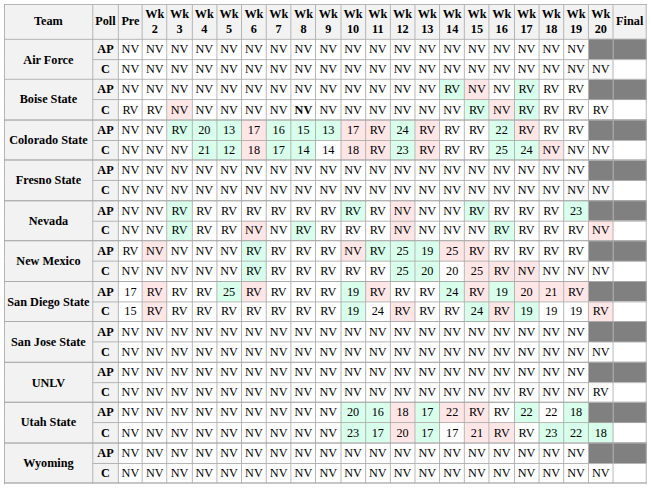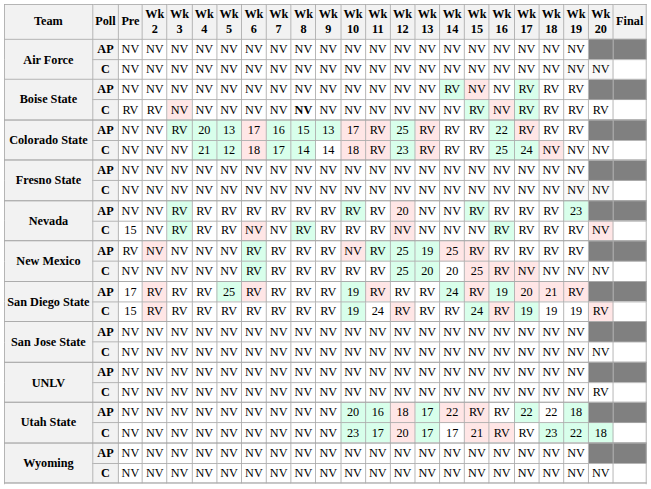 <table class="wikitable" style="white-space:nowrap;font-size:90%;text-align:center;">
 <tr>
 <th>Team</th>
 <th>Poll</th>
 <th>Pre</th>
 <th>Wk<br>2</th>
 <th>Wk<br>3</th>
 <th>Wk<br>4</th>
 <th>Wk<br>5</th>
 <th>Wk<br>6</th>
 <th>Wk<br>7</th>
 <th>Wk<br>8</th>
 <th>Wk<br>9</th>
 <th>Wk<br>10</th>
 <th>Wk<br>11</th>
 <th>Wk<br>12</th>
 <th>Wk<br>13</th>
 <th>Wk<br>14</th>
 <th>Wk<br>15</th>
 <th>Wk<br>16</th>
 <th>Wk<br>17</th>
 <th>Wk<br>18</th>
 <th>Wk<br>19</th>
 <th>Wk<br>20</th>
 <th>Final</th>
 </tr>
 <tr>
 <th rowspan=2 style=>Air Force</th>
 <th>AP</th>
 <td style="background:#FFF;">NV</td>
 <td style="background:#FFF;">NV</td>
 <td style="background:#FFF;">NV</td>
 <td style="background:#FFF;">NV</td>
 <td style="background:#FFF;">NV</td>
 <td style="background:#FFF;">NV</td>
 <td style="background:#FFF;">NV</td>
 <td style="background:#FFF;">NV</td>
 <td style="background:#FFF;">NV</td>
 <td style="background:#FFF;">NV</td>
 <td style="background:#FFF;">NV</td>
 <td style="background:#FFF;">NV</td>
 <td style="background:#FFF;">NV</td>
 <td style="background:#FFF;">NV</td>
 <td style="background:#FFF;">NV</td>
 <td style="background:#FFF;">NV</td>
 <td style="background:#FFF;">NV</td>
 <td style="background:#FFF;">NV</td>
 <td style="background:#FFF;">NV</td>
 <td style="background: gray;"></td>
 <td style="background: gray;"></td>
 </tr>
 <tr>
 <th>C</th>
 <td style="background:#FFF;">NV</td>
 <td style="background:#FFF;">NV</td>
 <td style="background:#FFF;">NV</td>
 <td style="background:#FFF;">NV</td>
 <td style="background:#FFF;">NV</td>
 <td style="background:#FFF;">NV</td>
 <td style="background:#FFF;">NV</td>
 <td style="background:#FFF;">NV</td>
 <td style="background:#FFF;">NV</td>
 <td style="background:#FFF;">NV</td>
 <td style="background:#FFF;">NV</td>
 <td style="background:#FFF;">NV</td>
 <td style="background:#FFF;">NV</td>
 <td style="background:#FFF;">NV</td>
 <td style="background:#FFF;">NV</td>
 <td style="background:#FFF;">NV</td>
 <td style="background:#FFF;">NV</td>
 <td style="background:#FFF;">NV</td>
 <td>NV</td>
 <td>NV</td>
 <td style="background:#FFF;"></td>
 </tr>
 <tr>
 <th rowspan=2 style=>Boise State</th>
 <th>AP</th>
 <td style="background:#FFF;">NV</td>
 <td style="background:#FFF;">NV</td>
 <td style="background:#FFF;">NV</td>
 <td style="background:#FFF;">NV</td>
 <td style="background:#FFF;">NV</td>
 <td style="background:#FFF;">NV</td>
 <td style="background:#FFF;">NV</td>
 <td style="background:#FFF;">NV</td>
 <td style="background:#FFF;">NV</td>
 <td style="background:#FFF;">NV</td>
 <td style="background:#FFF;">NV</td>
 <td style="background:#FFF;">NV</td>
 <td style="background:#FFF;">NV</td>
 <td style="background:#d8ffeb;">RV</td>
 <td style="background:#ffe6e6;">NV</td>
 <td style="background:#FFF;">NV</td>
 <td style="background:#d8ffeb;">RV</td>
 <td style="background:#FFF;">RV</td>
 <td style="background:#FFF;">RV</td>
 <td style="background: gray;"></td>
 <td style="background: gray;"></td>
 </tr>
 <tr>
 <th>C</th>
 <td style="background:#FFF;">RV</td>
 <td style="background:#FFF;">RV</td>
 <td style="background:#ffe6e6;">NV</td>
 <td style="background:#FFF;">NV</td>
 <td style="background:#FFF;">NV</td>
 <td style="background:#FFF;">NV</td>
 <td style="background:#FFF;">NV</td>
 <td style="background:#FFF;"><strong>NV</strong></td>
 <td style="background:#FFF;">NV</td>
 <td style="background:#FFF;">NV</td>
 <td style="background:#FFF;">NV</td>
 <td style="background:#FFF;">NV</td>
 <td style="background:#FFF;">NV</td>
 <td style="background:#FFF;">NV</td>
 <td style="background:#d8ffeb;">RV</td>
 <td style="background:#ffe6e6;">NV</td>
 <td style="background:#d8ffeb;">RV</td>
 <td style="background:#FFF;">RV</td>
 <td style="background:#FFF;">RV</td>
 <td style="background:#FFF;">RV</td>
 <td style="background:#FFF;"></td>
 </tr>
 <tr>
 </tr>
 <tr>
 <th rowspan=2 style=>Colorado State</th>
 <th>AP</th>
 <td style="background:#FFF;">NV</td>
 <td style="background:#FFF;">NV</td>
 <td style="background:#d8ffeb;">RV</td>
 <td style="background:#d8ffeb;">20</td>
 <td style="background:#d8ffeb;">13</td>
 <td style="background:#ffe6e6;">17</td>
 <td style="background:#d8ffeb;">16</td>
 <td style="background:#d8ffeb;">15</td>
 <td style="background:#d8ffeb;">13</td>
 <td style="background:#FFE6E6;">17</td>
 <td style="background:#ffe6e6;">RV</td>
-<td style="background:#d8ffeb;">24</td>
+<td style="background:#d8ffeb;">25</td>
 <td style="background:#ffe6e6;">RV</td>
 <td style="background:#FFF;">RV</td>
 <td style="background:#FFF;">RV</td>
 <td style="background:#d8ffeb;">22</td>
 <td style="background:#ffe6e6;">RV</td>
 <td style="background:#FFF;">RV</td>
 <td style="background:#FFF;">RV</td>
 <td style="background: gray;"></td>
 <td style="background: gray;"></td>
 </tr>
 <tr>
 <th>C</th>
 <td style="background:#FFF;">NV</td>
 <td style="background:#FFF;">NV</td>
 <td style="background:#FFF;">NV</td>
 <td style="background:#d8ffeb;">21</td>
 <td style="background:#d8ffeb;">12</td>
 <td style="background:#ffe6e6;">18</td>
 <td style="background:#d8ffeb;">17</td>
 <td style="background:#d8ffeb;">14</td>
 <td style="background:#FFF;">14</td>
 <td style="background:#FFE6E6;">18</td>
 <td style="background:#ffe6e6;">RV</td>
 <td style="background:#d8ffeb;">23</td>
 <td style="background:#ffe6e6;">RV</td>
 <td style="background:#FFF;">RV</td>
 <td style="background:#FFF;">RV</td>
 <td style="background:#d8ffeb;">25</td>
 <td style="background:#d8ffeb;">24</td>
 <td style="background:#ffe6e6;">NV</td>
 <td style="background:#FFF;">NV</td>
 <td style="background:#FFF;">NV</td>
 <td style="background:#FFF;"></td>
 </tr>
 <tr>
 </tr>
 <tr>
 <th rowspan=2 style=>Fresno State</th>
 <th>AP</th>
 <td style="background:#FFF;">NV</td>
 <td style="background:#FFF;">NV</td>
 <td style="background:#FFF;">NV</td>
 <td style="background:#FFF;">NV</td>
 <td style="background:#FFF;">NV</td>
 <td style="background:#FFF;">NV</td>
 <td style="background:#FFF;">NV</td>
 <td style="background:#FFF;">NV</td>
 <td style="background:#FFF;">NV</td>
 <td style="background:#FFF;">NV</td>
 <td style="background:#FFF;">NV</td>
 <td style="background:#FFF;">NV</td>
 <td style="background:#FFF;">NV</td>
 <td style="background:#FFF;">NV</td>
 <td style="background:#FFF;">NV</td>
 <td style="background:#FFF;">NV</td>
 <td style="background:#FFF;">NV</td>
 <td style="background:#FFF;">NV</td>
 <td style="background:#FFF;">NV</td>
 <td style="background: gray;"></td>
 <td style="background: gray;"></td>
 </tr>
 <tr>
 <th>C</th>
 <td style="background:#FFF;">NV</td>
 <td style="background:#FFF;">NV</td>
 <td style="background:#FFF;">NV</td>
 <td style="background:#FFF;">NV</td>
 <td style="background:#FFF;">NV</td>
 <td style="background:#FFF;">NV</td>
 <td style="background:#FFF;">NV</td>
 <td style="background:#FFF;">NV</td>
 <td style="background:#FFF;">NV</td>
 <td style="background:#FFF;">NV</td>
 <td style="background:#FFF;">NV</td>
 <td style="background:#FFF;">NV</td>
 <td style="background:#FFF;">NV</td>
 <td style="background:#FFF;">NV</td>
 <td style="background:#FFF;">NV</td>
 <td style="background:#FFF;">NV</td>
 <td style="background:#FFF;">NV</td>
 <td style="background:#FFF;">NV</td>
 <td>NV</td>
 <td>NV</td>
 <td style="background:#FFF;"></td>
 </tr>
 <tr>
 </tr>
 <tr>
 <th rowspan=2 style=>Nevada</th>
 <th>AP</th>
 <td style="background:#FFF;">NV</td>
 <td style="background:#FFF;">NV</td>
 <td style="background:#d8ffeb;">RV</td>
 <td style="background:#FFF;">RV</td>
 <td style="background:#FFF;">RV</td>
 <td style="background:#FFF;">RV</td>
 <td style="background:#FFF;">RV</td>
 <td style="background:#FFF;">RV</td>
 <td style="background:#FFF;">RV</td>
 <td style="background:#D8FFEB;">RV</td>
 <td style="background:#FFF;">RV</td>
-<td style="background:#ffe6e6;">NV</td>
+<td style="background:#ffe6e6;">20</td>
 <td style="background:#FFF;">NV</td>
 <td style="background:#FFF;">NV</td>
 <td style="background:#D8FFEB;">RV</td>
 <td style="background:#FFF;">RV</td>
 <td style="background:#FFF;">RV</td>
 <td style="background:#FFF;">RV</td>
 <td style="background:#D8FFEB;">23</td>
 <td style="background: gray;"></td>
 <td style="background: gray;"></td>
 </tr>
 <tr>
 <th>C</th>
-<td style="background:#FFF;">NV</td>
+<td style="background:#FFF;">15</td>
 <td style="background:#FFF;">NV</td>
 <td style="background:#d8ffeb;">RV</td>
 <td style="background:#FFF;">RV</td>
 <td style="background:#FFF;">RV</td>
 <td style="background:#ffe6e6;">NV</td>
 <td style="background:#FFF;">NV</td>
 <td style="background:#d8ffeb;">RV</td>
 <td style="background:#FFF;">RV</td>
 <td style="background:#FFF;">RV</td>
 <td style="background:#FFF;">RV</td>
 <td style="background:#ffe6e6;">NV</td>
 <td style="background:#FFF;">NV</td>
 <td style="background:#FFF;">NV</td>
 <td style="background:#FFF;">NV</td>
 <td style="background:#D8FFEB;">RV</td>
 <td style="background:#FFF;">RV</td>
 <td style="background:#FFF;">RV</td>
 <td style="background:#FFF;">RV</td>
 <td style="background:#ffe6e6;">NV</td>
 <td style="background:#FFF;"></td>
 </tr>
 <tr>
 </tr>
 <tr>
 <th rowspan=2 style=>New Mexico</th>
 <th>AP</th>
 <td style="background:#FFF;">RV</td>
 <td style="background:#ffe6e6;">NV</td>
 <td style="background:#FFF;">NV</td>
 <td style="background:#FFF;">NV</td>
 <td style="background:#FFF;">NV</td>
 <td style="background:#d8ffeb;">RV</td>
 <td style="background:#FFF;">RV</td>
 <td style="background:#FFF;">RV</td>
 <td style="background:#FFF;">RV</td>
 <td style="background:#FFE6E6;">NV</td>
 <td style="background:#d8ffeb;">RV</td>
 <td style="background:#d8ffeb;">25</td>
 <td style="background:#d8ffeb;">19</td>
 <td style="background:#FFE6E6;">25</td>
 <td style="background:#FFE6E6;">RV</td>
 <td style="background:#FFF;">RV</td>
 <td style="background:#FFF;">RV</td>
 <td style="background:#FFF;">RV</td>
 <td style="background:#FFF;">RV</td>
 <td style="background: gray;"></td>
 <td style="background: gray;"></td>
 </tr>
 <tr>
 <th>C</th>
 <td style="background:#FFF;">NV</td>
 <td style="background:#FFF;">NV</td>
 <td style="background:#FFF;">NV</td>
 <td style="background:#FFF;">NV</td>
 <td style="background:#FFF;">NV</td>
 <td style="background:#d8ffeb;">RV</td>
 <td style="background:#FFF;">RV</td>
 <td style="background:#FFF;">RV</td>
 <td style="background:#FFF;">RV</td>
 <td style="background:#FFF;">RV</td>
 <td style="background:#FFF;">RV</td>
 <td style="background:#d8ffeb;">25</td>
 <td style="background:#d8ffeb;">20</td>
 <td style="background:#FFF;">20</td>
 <td style="background:#FFE6E6;">25</td>
 <td style="background:#FFE6E6;">RV</td>
 <td style="background:#FFE6E6;">NV</td>
 <td style="background:#FFF;">NV</td>
 <td style="background:#FFF;">NV</td>
 <td style="background:#FFF;">NV</td>
 <td style="background:#FFF;"></td>
 </tr>
 <tr>
 </tr>
 <tr>
 <th rowspan=2 style=>San Diego State</th>
 <th>AP</th>
 <td style="background:#FFF;">17</td>
 <td style="background:#ffe6e6;">RV</td>
 <td style="background:#FFF;">RV</td>
 <td style="background:#FFF;">RV</td>
 <td style="background:#d8ffeb">25</td>
 <td style="background:#ffe6e6;">RV</td>
 <td style="background:#FFF;">RV</td>
 <td style="background:#FFF;">RV</td>
 <td style="background:#FFF;">RV</td>
 <td style="background:#D8FFEB;">19</td>
 <td style="background:#ffe6e6;">RV</td>
 <td style="background:#FFF;">RV</td>
 <td style="background:#FFF;">RV</td>
 <td style="background:#D8FFEB;">24</td>
 <td style="background:#ffe6e6;">RV</td>
 <td style="background:#D8FFEB;">19</td>
 <td style="background:#ffe6e6;">20</td>
 <td style="background:#ffe6e6;">21</td>
 <td style="background:#ffe6e6;">RV</td>
 <td style="background: gray;"></td>
 <td style="background: gray;"></td>
 </tr>
 <tr>
 <th>C</th>
 <td style="background:#FFF;">15</td>
 <td style="background:#ffe6e6;">RV</td>
 <td style="background:#FFF;">RV</td>
 <td style="background:#FFF;">RV</td>
 <td style="background:#FFF;">RV</td>
 <td style="background:#FFF;">RV</td>
 <td style="background:#FFF;">RV</td>
 <td style="background:#FFF;">RV</td>
 <td style="background:#FFF;">RV</td>
 <td style="background:#D8FFEB;">19</td>
 <td style="background:#FFF;">24</td>
 <td style="background:#ffe6e6;">RV</td>
 <td style="background:#FFF;">RV</td>
 <td style="background:#FFF;">RV</td>
 <td style="background:#D8FFEB;">24</td>
 <td style="background:#ffe6e6;">RV</td>
 <td style="background:#D8FFEB;">19</td>
 <td style="background:#FFF;">19</td>
 <td style="background:#FFF;">19</td>
 <td style="background:#ffe6e6;">RV</td>
 <td style="background:#FFF;"></td>
 </tr>
 <tr>
 </tr>
 <tr>
 <th rowspan=2 style=>San Jose State</th>
 <th>AP</th>
 <td style="background:#FFF;">NV</td>
 <td style="background:#FFF;">NV</td>
 <td style="background:#FFF;">NV</td>
 <td style="background:#FFF;">NV</td>
 <td style="background:#FFF;">NV</td>
 <td style="background:#FFF;">NV</td>
 <td style="background:#FFF;">NV</td>
 <td style="background:#FFF;">NV</td>
 <td style="background:#FFF;">NV</td>
 <td style="background:#FFF;">NV</td>
 <td style="background:#FFF;">NV</td>
 <td style="background:#FFF;">NV</td>
 <td style="background:#FFF;">NV</td>
 <td style="background:#FFF;">NV</td>
 <td style="background:#FFF;">NV</td>
 <td style="background:#FFF;">NV</td>
 <td style="background:#FFF;">NV</td>
 <td style="background:#FFF;">NV</td>
 <td style="background:#FFF;">NV</td>
 <td style="background: gray;"></td>
 <td style="background: gray;"></td>
 </tr>
 <tr>
 <th>C</th>
 <td style="background:#FFF;">NV</td>
 <td style="background:#FFF;">NV</td>
 <td style="background:#FFF;">NV</td>
 <td style="background:#FFF;">NV</td>
 <td style="background:#FFF;">NV</td>
 <td style="background:#FFF;">NV</td>
 <td style="background:#FFF;">NV</td>
 <td style="background:#FFF;">NV</td>
 <td style="background:#FFF;">NV</td>
 <td style="background:#FFF;">NV</td>
 <td style="background:#FFF;">NV</td>
 <td style="background:#FFF;">NV</td>
 <td style="background:#FFF;">NV</td>
 <td style="background:#FFF;">NV</td>
 <td style="background:#FFF;">NV</td>
 <td style="background:#FFF;">NV</td>
 <td style="background:#FFF;">NV</td>
 <td style="background:#FFF;">NV</td>
 <td style="background:#FFF;">NV</td>
 <td style="background:#FFF;">NV</td>
 <td style="background:#FFF;"></td>
 </tr>
 <tr>
 </tr>
 <tr>
 <th rowspan=2 style=>UNLV</th>
 <th>AP</th>
 <td style="background:#FFF;">NV</td>
 <td style="background:#FFF;">NV</td>
 <td style="background:#FFF;">NV</td>
 <td style="background:#FFF;">NV</td>
 <td style="background:#FFF;">NV</td>
 <td style="background:#FFF;">NV</td>
 <td style="background:#FFF;">NV</td>
 <td style="background:#FFF;">NV</td>
 <td style="background:#FFF;">NV</td>
 <td style="background:#FFF;">NV</td>
 <td style="background:#FFF;">NV</td>
 <td style="background:#FFF;">NV</td>
 <td style="background:#FFF;">NV</td>
 <td style="background:#FFF;">NV</td>
 <td style="background:#FFF;">NV</td>
 <td style="background:#FFF;">NV</td>
 <td style="background:#FFF;">NV</td>
 <td style="background:#FFF;">NV</td>
 <td style="background:#FFF;">NV</td>
 <td style="background: gray;"></td>
 <td style="background: gray;"></td>
 </tr>
 <tr>
 <th>C</th>
 <td style="background:#FFF;">NV</td>
 <td style="background:#FFF;">NV</td>
 <td style="background:#FFF;">NV</td>
 <td style="background:#FFF;">NV</td>
 <td style="background:#FFF;">NV</td>
 <td style="background:#FFF;">NV</td>
 <td style="background:#FFF;">NV</td>
 <td style="background:#FFF;">NV</td>
 <td style="background:#FFF;">NV</td>
 <td style="background:#FFF;">NV</td>
 <td style="background:#FFF;">NV</td>
 <td style="background:#FFF;">NV</td>
 <td style="background:#FFF;">NV</td>
 <td style="background:#FFF;">NV</td>
 <td style="background:#FFF;">NV</td>
 <td style="background:#FFF;">NV</td>
-<td style="background:#FFF;">RV</td>
+<td style="background:#FFF;">NV</td>
 <td style="background:#FFF;">NV</td>
 <td style="background:#FFF;">NV</td>
 <td style="background:#FFF;">RV</td>
 <td style="background:#FFF;"></td>
 </tr>
 <tr>
 </tr>
 <tr>
 <th rowspan=2 style=>Utah State</th>
 <th>AP</th>
 <td style="background:#FFF;">NV</td>
 <td style="background:#FFF;">NV</td>
 <td style="background:#FFF;">NV</td>
 <td style="background:#FFF;">NV</td>
 <td style="background:#FFF;">NV</td>
 <td style="background:#FFF;">NV</td>
 <td style="background:#FFF;">NV</td>
 <td style="background:#FFF;">NV</td>
 <td style="background:#FFF;">NV</td>
 <td style="background:#D8FFEB;">20</td>
 <td style="background:#D8FFEB;">16</td>
 <td style="background:#ffe6e6;">18</td>
 <td style="background:#d8ffeb;">17</td>
 <td style="background:#ffe6e6;">22</td>
 <td style="background:#ffe6e6;">RV</td>
 <td style="background:#FFF;">RV</td>
 <td style="background:#d8ffeb;">22</td>
 <td style="background:#FFF;">22</td>
 <td style="background:#d8ffeb;">18</td>
 <td style="background: gray;"></td>
 <td style="background: gray;"></td>
 </tr>
 <tr>
 <th>C</th>
 <td style="background:#FFF;">NV</td>
 <td style="background:#FFF;">NV</td>
 <td style="background:#FFF;">NV</td>
 <td style="background:#FFF;">NV</td>
 <td style="background:#FFF;">NV</td>
 <td style="background:#FFF;">NV</td>
 <td style="background:#FFF;">NV</td>
 <td style="background:#FFF;">NV</td>
 <td style="background:#FFF;">NV</td>
 <td style="background:#D8FFEB;">23</td>
 <td style="background:#D8FFEB;">17</td>
 <td style="background:#ffe6e6;">20</td>
 <td style="background:#d8ffeb;">17</td>
 <td style="background:#FFF;">17</td>
 <td style="background:#ffe6e6;">21</td>
 <td style="background:#ffe6e6;">RV</td>
 <td style="background:#FFF;">RV</td>
 <td style="background:#d8ffeb;">23</td>
 <td style="background:#d8ffeb;">22</td>
 <td style="background:#d8ffeb;">18</td>
 <td style="background:#FFF;"></td>
 </tr>
 <tr>
 </tr>
 <tr>
 <th rowspan=2 style=>Wyoming</th>
 <th>AP</th>
 <td style="background:#FFF;">NV</td>
 <td style="background:#FFF;">NV</td>
 <td style="background:#FFF;">NV</td>
 <td style="background:#FFF;">NV</td>
 <td style="background:#FFF;">NV</td>
 <td style="background:#FFF;">NV</td>
 <td style="background:#FFF;">NV</td>
 <td style="background:#FFF;">NV</td>
 <td style="background:#FFF;">NV</td>
 <td style="background:#FFF;">NV</td>
 <td style="background:#FFF;">NV</td>
 <td style="background:#FFF;">NV</td>
 <td style="background:#FFF;">NV</td>
 <td style="background:#FFF;">NV</td>
 <td style="background:#FFF;">NV</td>
 <td style="background:#FFF;">NV</td>
 <td style="background:#FFF;">NV</td>
 <td style="background:#FFF;">NV</td>
 <td style="background:#FFF;">NV</td>
 <td style="background: gray;"></td>
 <td style="background: gray;"></td>
 </tr>
 <tr>
 <th>C</th>
 <td style="background:#FFF;">NV</td>
 <td style="background:#FFF;">NV</td>
 <td style="background:#FFF;">NV</td>
 <td style="background:#FFF;">NV</td>
 <td style="background:#FFF;">NV</td>
 <td style="background:#FFF;">NV</td>
 <td style="background:#FFF;">NV</td>
 <td style="background:#FFF;">NV</td>
 <td style="background:#FFF;">NV</td>
 <td style="background:#FFF;">NV</td>
 <td style="background:#FFF;">NV</td>
 <td style="background:#FFF;">NV</td>
 <td style="background:#FFF;">NV</td>
 <td style="background:#FFF;">NV</td>
 <td style="background:#FFF;">NV</td>
 <td style="background:#FFF;">NV</td>
 <td style="background:#FFF;">NV</td>
 <td style="background:#FFF;">NV</td>
 <td style="background:#FFF;">NV</td>
 <td style="background:#FFF;">NV</td>
 <td style="background:#FFF;"></td>
 </tr>
 <tr>
 </tr>
 <tr>
 </tr>
 </table>
